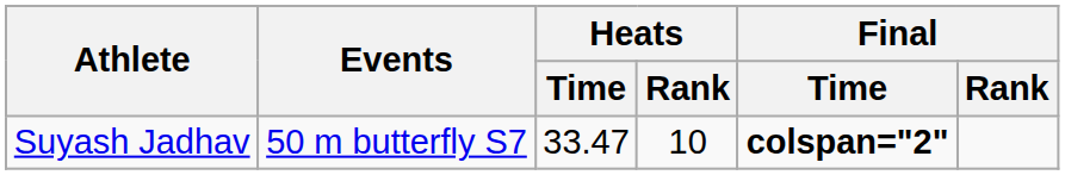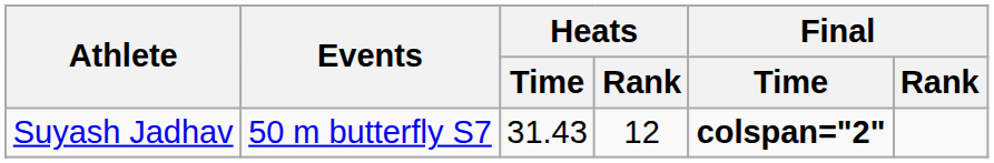 <table class=wikitable style="font-size:90%">
 <tr>
 <th rowspan="2">Athlete</th>
 <th rowspan="2">Events</th>
 <th colspan="2">Heats</th>
 <th colspan="2">Final</th>
 </tr>
 <tr>
 <th>Time</th>
 <th>Rank</th>
 <th>Time</th>
 <th>Rank</th>
 </tr>
 <tr align=center>
 <td align=left><a href='#'>Suyash Jadhav</a></td>
 <td align=left><a href='#'>50 m butterfly S7</a></td>
-<td>33.47</td>
-<td>10</td>
+<td>31.43</td>
+<td>12</td>
 <td><strong>colspan="2" </strong></td>
 </tr>
 </table>
